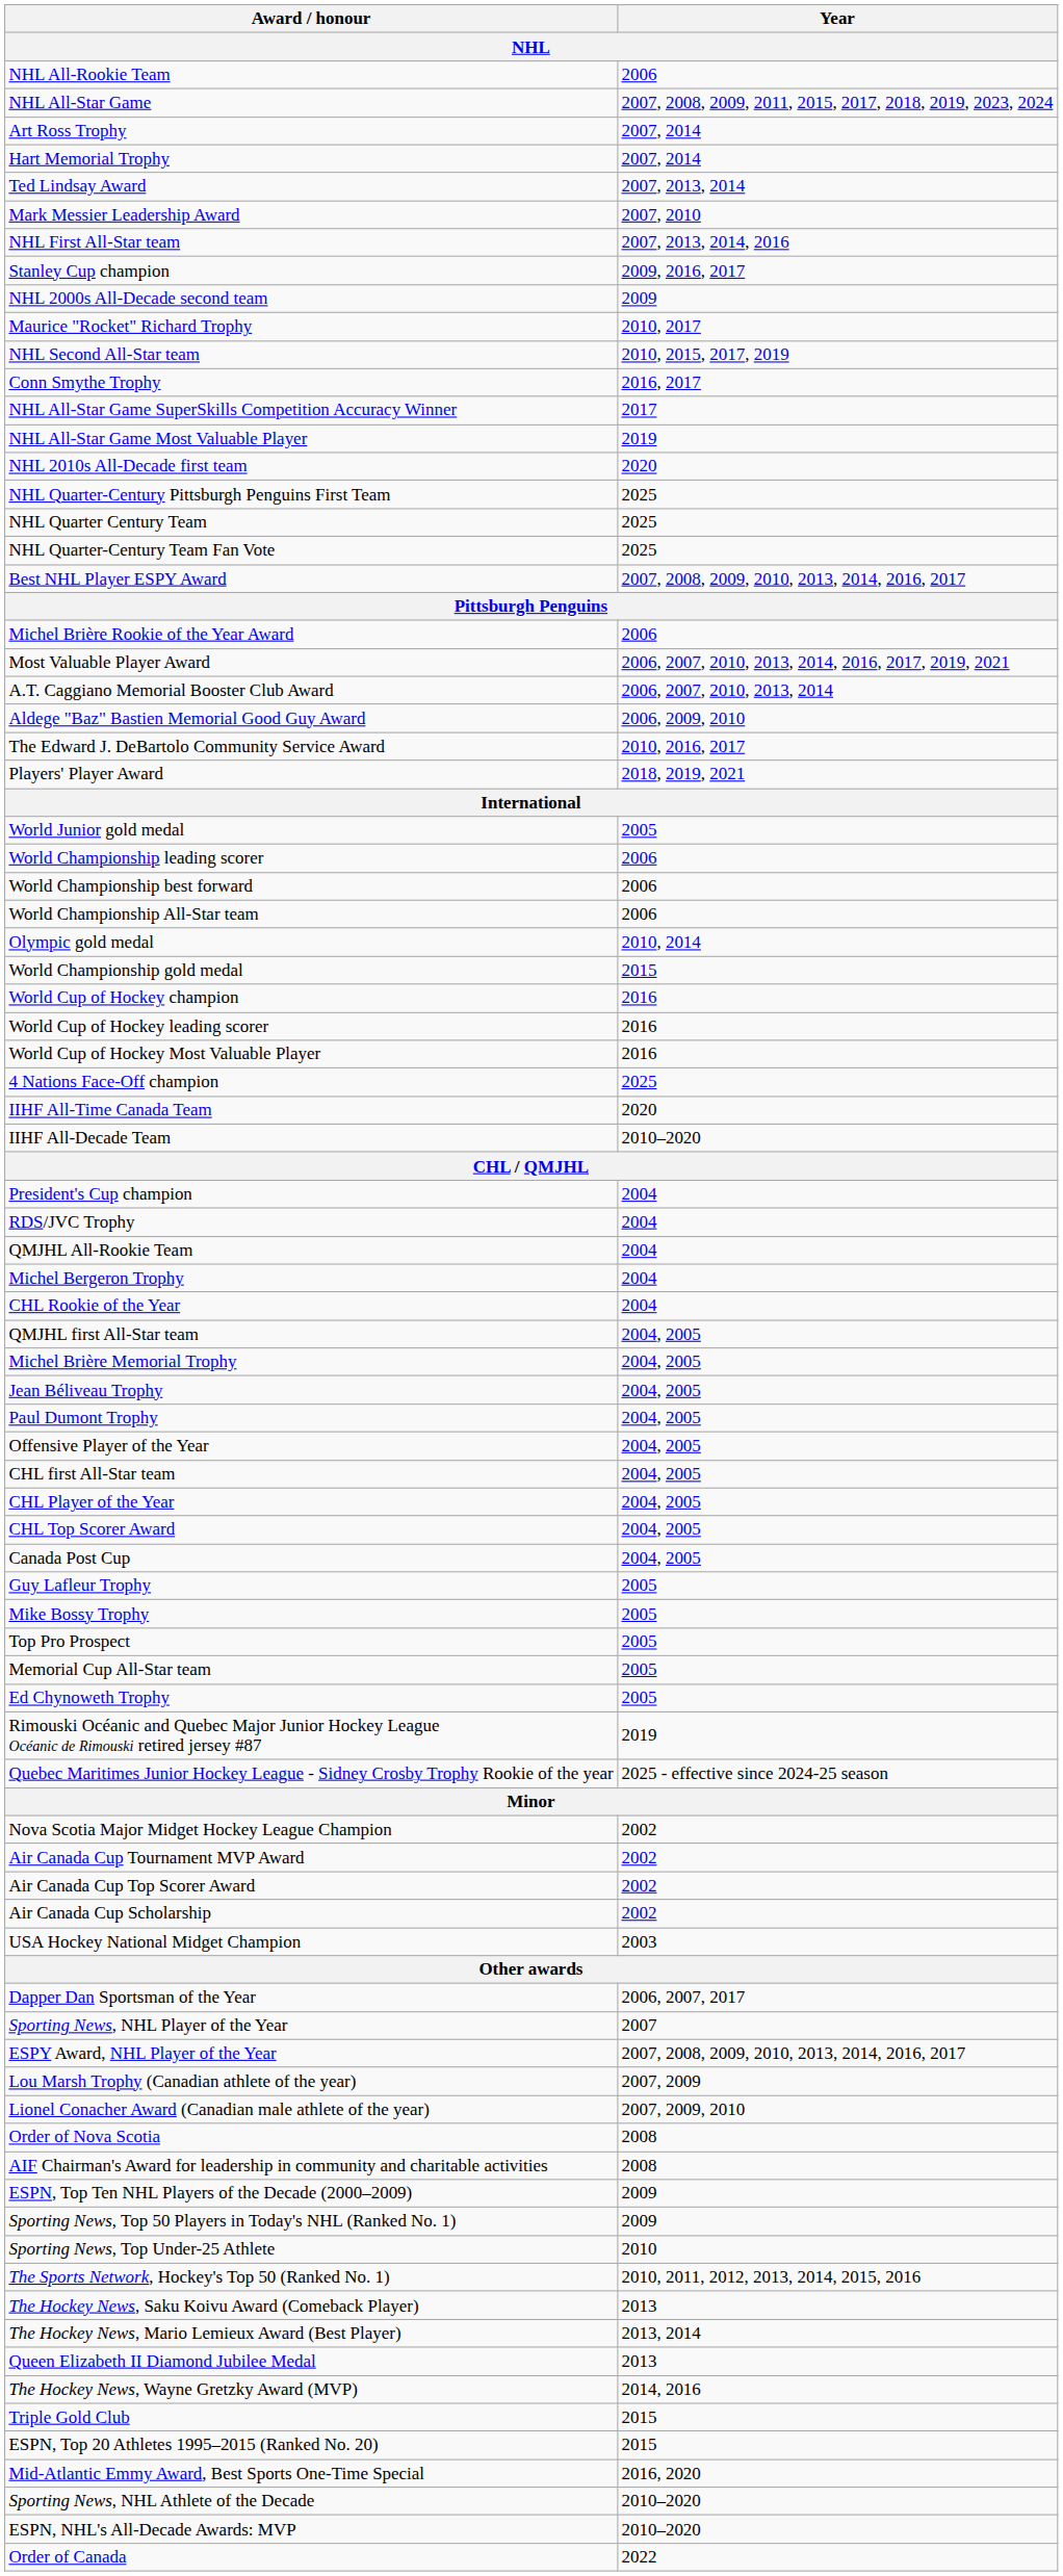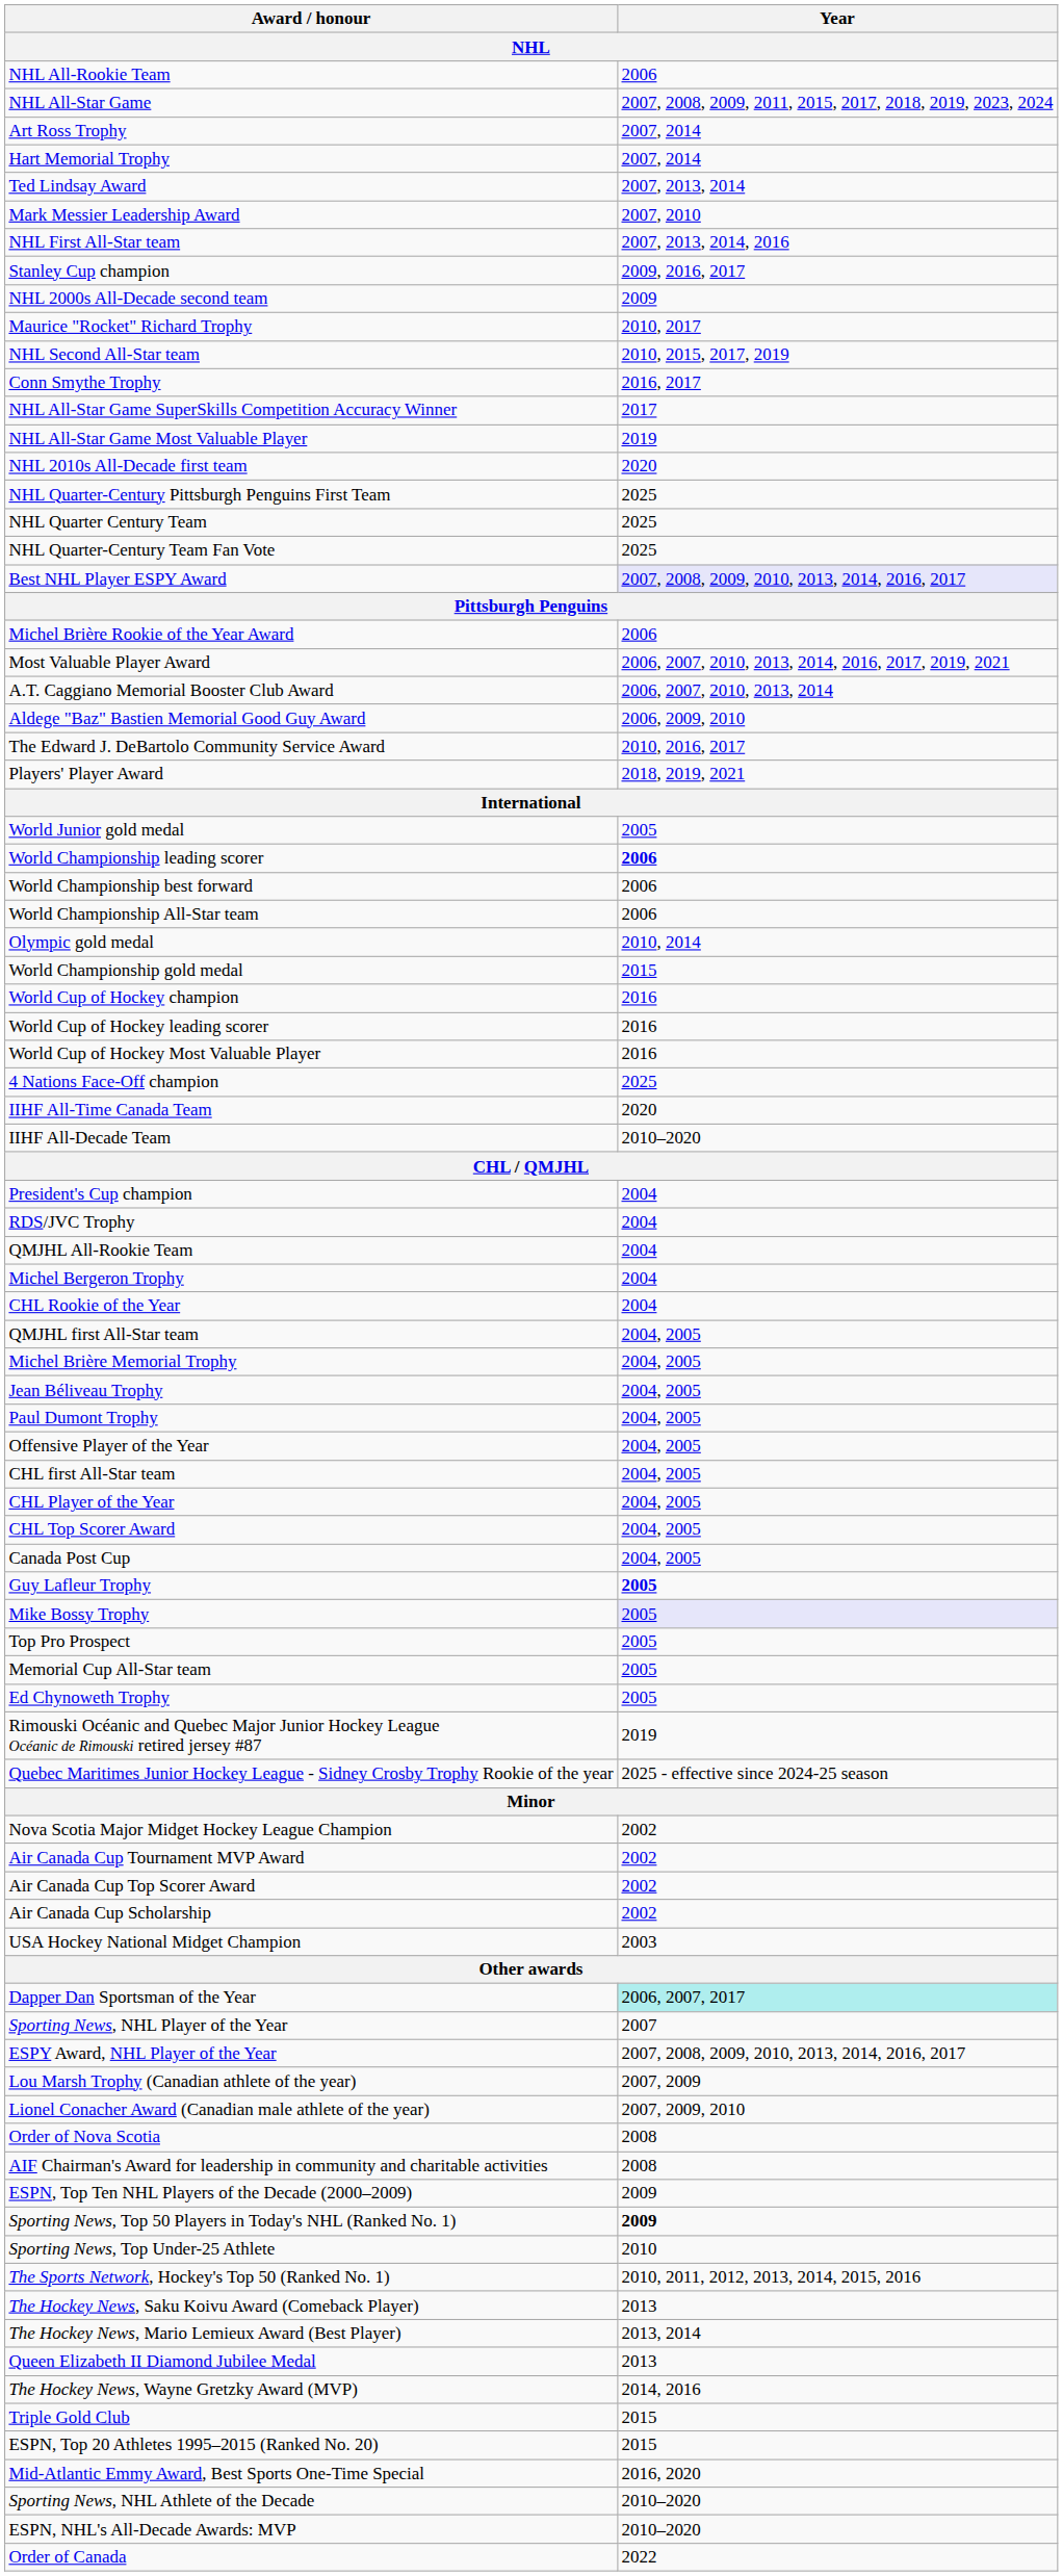 <table class="wikitable">
 <tr>
 <th>Award / honour</th>
 <th>Year</th>
 </tr>
 <tr>
 <th colspan="2"><a href='#'>NHL</a></th>
 </tr>
 <tr>
 <td><a href='#'>NHL All-Rookie Team</a></td>
 <td><a href='#'>2006</a></td>
 </tr>
 <tr>
 <td><a href='#'>NHL All-Star Game</a></td>
 <td><a href='#'>2007</a>, <a href='#'>2008</a>, <a href='#'>2009</a>, <a href='#'>2011</a>, <a href='#'>2015</a>, <a href='#'>2017</a>, <a href='#'>2018</a>, <a href='#'>2019</a>, <a href='#'>2023</a>, <a href='#'>2024</a></td>
 </tr>
 <tr>
 <td><a href='#'>Art Ross Trophy</a></td>
 <td><a href='#'>2007</a>, <a href='#'>2014</a></td>
 </tr>
 <tr>
 <td><a href='#'>Hart Memorial Trophy</a></td>
 <td><a href='#'>2007</a>, <a href='#'>2014</a></td>
 </tr>
 <tr>
 <td><a href='#'>Ted Lindsay Award</a></td>
 <td><a href='#'>2007</a>, <a href='#'>2013</a>, <a href='#'>2014</a></td>
 </tr>
 <tr>
 <td><a href='#'>Mark Messier Leadership Award</a></td>
 <td><a href='#'>2007</a>, <a href='#'>2010</a></td>
 </tr>
 <tr>
 <td><a href='#'>NHL First All-Star team</a></td>
 <td><a href='#'>2007</a>, <a href='#'>2013</a>, <a href='#'>2014</a>, <a href='#'>2016</a></td>
 </tr>
 <tr>
 <td><a href='#'>Stanley Cup</a> champion</td>
 <td><a href='#'>2009</a>, <a href='#'>2016</a>, <a href='#'>2017</a></td>
 </tr>
 <tr>
 <td><a href='#'>NHL 2000s All-Decade second team</a></td>
 <td><a href='#'>2009</a></td>
 </tr>
 <tr>
 <td><a href='#'>Maurice "Rocket" Richard Trophy</a></td>
 <td><a href='#'>2010</a>, <a href='#'>2017</a></td>
 </tr>
 <tr>
 <td><a href='#'>NHL Second All-Star team</a></td>
 <td><a href='#'>2010</a>, <a href='#'>2015</a>, <a href='#'>2017</a>, <a href='#'>2019</a></td>
 </tr>
 <tr>
 <td><a href='#'>Conn Smythe Trophy</a></td>
 <td><a href='#'>2016</a>, <a href='#'>2017</a></td>
 </tr>
 <tr>
 <td><a href='#'>NHL All-Star Game SuperSkills Competition Accuracy Winner</a></td>
 <td><a href='#'>2017</a></td>
 </tr>
 <tr>
 <td><a href='#'>NHL All-Star Game Most Valuable Player</a></td>
 <td><a href='#'>2019</a></td>
 </tr>
 <tr>
 <td><a href='#'>NHL 2010s All-Decade first team</a></td>
 <td><a href='#'>2020</a></td>
 </tr>
 <tr>
 <td><a href='#'>NHL Quarter-Century</a> Pittsburgh Penguins First Team</td>
 <td>2025</td>
 </tr>
 <tr>
 <td>NHL Quarter Century Team</td>
 <td>2025</td>
 </tr>
 <tr>
 <td>NHL Quarter-Century Team Fan Vote</td>
 <td>2025</td>
 </tr>
 <tr>
 <td><a href='#'>Best NHL Player ESPY Award</a></td>
-<td><a href='#'>2007</a>, <a href='#'>2008</a>, <a href='#'>2009</a>, <a href='#'>2010</a>, <a href='#'>2013</a>, <a href='#'>2014</a>, <a href='#'>2016</a>, <a href='#'>2017</a></td>
+<td style="background: lavender;"><a href='#'>2007</a>, <a href='#'>2008</a>, <a href='#'>2009</a>, <a href='#'>2010</a>, <a href='#'>2013</a>, <a href='#'>2014</a>, <a href='#'>2016</a>, <a href='#'>2017</a></td>
 </tr>
 <tr>
 <th colspan="2"><a href='#'>Pittsburgh Penguins</a></th>
 </tr>
 <tr>
 <td><a href='#'>Michel Brière Rookie of the Year Award</a></td>
 <td><a href='#'>2006</a></td>
 </tr>
 <tr>
 <td>Most Valuable Player Award</td>
 <td><a href='#'>2006</a>, <a href='#'>2007</a>, <a href='#'>2010</a>, <a href='#'>2013</a>, <a href='#'>2014</a>, <a href='#'>2016</a>, <a href='#'>2017</a>, <a href='#'>2019</a>, <a href='#'>2021</a></td>
 </tr>
 <tr>
 <td>A.T. Caggiano Memorial Booster Club Award</td>
 <td><a href='#'>2006</a>, <a href='#'>2007</a>, <a href='#'>2010</a>, <a href='#'>2013</a>, <a href='#'>2014</a></td>
 </tr>
 <tr>
 <td><a href='#'>Aldege "Baz" Bastien Memorial Good Guy Award</a></td>
 <td><a href='#'>2006</a>, <a href='#'>2009</a>, <a href='#'>2010</a></td>
 </tr>
 <tr>
 <td>The Edward J. DeBartolo Community Service Award</td>
 <td><a href='#'>2010</a>, <a href='#'>2016</a>, <a href='#'>2017</a></td>
 </tr>
 <tr>
 <td>Players' Player Award</td>
 <td><a href='#'>2018</a>, <a href='#'>2019</a>, <a href='#'>2021</a></td>
 </tr>
 <tr>
 <th colspan="2">International</th>
 </tr>
 <tr>
 <td><a href='#'>World Junior</a> gold medal</td>
 <td><a href='#'>2005</a></td>
 </tr>
 <tr>
 <td><a href='#'>World Championship</a> leading scorer</td>
-<td><a href='#'>2006</a></td>
+<td><strong><a href='#'>2006</a></strong></td>
 </tr>
 <tr>
 <td>World Championship best forward</td>
 <td>2006</td>
 </tr>
 <tr>
 <td>World Championship All-Star team</td>
 <td>2006</td>
 </tr>
 <tr>
 <td><a href='#'>Olympic</a> gold medal</td>
 <td><a href='#'>2010</a>, <a href='#'>2014</a></td>
 </tr>
 <tr>
 <td>World Championship gold medal</td>
 <td><a href='#'>2015</a></td>
 </tr>
 <tr>
 <td><a href='#'>World Cup of Hockey</a> champion</td>
 <td><a href='#'>2016</a></td>
 </tr>
 <tr>
 <td>World Cup of Hockey leading scorer</td>
 <td>2016</td>
 </tr>
 <tr>
 <td>World Cup of Hockey Most Valuable Player</td>
 <td>2016</td>
 </tr>
 <tr>
 <td><a href='#'>4 Nations Face-Off</a> champion</td>
 <td><a href='#'>2025</a></td>
 </tr>
 <tr>
 <td><a href='#'>IIHF All-Time Canada Team</a></td>
 <td>2020</td>
 </tr>
 <tr>
 <td>IIHF All-Decade Team</td>
 <td>2010–2020</td>
 </tr>
 <tr>
 <th colspan="2"><a href='#'>CHL</a> / <a href='#'>QMJHL</a></th>
 </tr>
 <tr>
 <td><a href='#'>President's Cup</a> champion</td>
 <td><a href='#'>2004</a></td>
 </tr>
 <tr>
 <td><a href='#'>RDS</a>/JVC Trophy</td>
 <td><a href='#'>2004</a></td>
 </tr>
 <tr>
 <td>QMJHL All-Rookie Team</td>
 <td><a href='#'>2004</a></td>
 </tr>
 <tr>
 <td><a href='#'>Michel Bergeron Trophy</a></td>
 <td><a href='#'>2004</a></td>
 </tr>
 <tr>
 <td><a href='#'>CHL Rookie of the Year</a></td>
 <td><a href='#'>2004</a></td>
 </tr>
 <tr>
 <td>QMJHL first All-Star team</td>
 <td><a href='#'>2004</a>, <a href='#'>2005</a></td>
 </tr>
 <tr>
 <td><a href='#'>Michel Brière Memorial Trophy</a></td>
 <td><a href='#'>2004</a>, <a href='#'>2005</a></td>
 </tr>
 <tr>
 <td><a href='#'>Jean Béliveau Trophy</a></td>
 <td><a href='#'>2004</a>, <a href='#'>2005</a></td>
 </tr>
 <tr>
 <td><a href='#'>Paul Dumont Trophy</a></td>
 <td><a href='#'>2004</a>, <a href='#'>2005</a></td>
 </tr>
 <tr>
 <td>Offensive Player of the Year</td>
 <td><a href='#'>2004</a>, <a href='#'>2005</a></td>
 </tr>
 <tr>
 <td>CHL first All-Star team</td>
 <td><a href='#'>2004</a>, <a href='#'>2005</a></td>
 </tr>
 <tr>
 <td><a href='#'>CHL Player of the Year</a></td>
 <td><a href='#'>2004</a>, <a href='#'>2005</a></td>
 </tr>
 <tr>
 <td><a href='#'>CHL Top Scorer Award</a></td>
 <td><a href='#'>2004</a>, <a href='#'>2005</a></td>
 </tr>
 <tr>
 <td>Canada Post Cup</td>
 <td><a href='#'>2004</a>, <a href='#'>2005</a></td>
 </tr>
 <tr>
 <td><a href='#'>Guy Lafleur Trophy</a></td>
-<td><a href='#'>2005</a></td>
+<td><strong><a href='#'>2005</a></strong></td>
 </tr>
 <tr>
 <td><a href='#'>Mike Bossy Trophy</a></td>
-<td><a href='#'>2005</a></td>
+<td style="background: lavender;"><a href='#'>2005</a></td>
 </tr>
 <tr>
 <td>Top Pro Prospect</td>
 <td><a href='#'>2005</a></td>
 </tr>
 <tr>
 <td>Memorial Cup All-Star team</td>
 <td><a href='#'>2005</a></td>
 </tr>
 <tr>
 <td><a href='#'>Ed Chynoweth Trophy</a></td>
 <td><a href='#'>2005</a></td>
 </tr>
 <tr>
 <td>Rimouski Océanic and Quebec Major Junior Hockey League<br><small><em>Océanic de Rimouski</em></small> retired jersey #87</td>
 <td>2019</td>
 </tr>
 <tr>
 <td><a href='#'>Quebec Maritimes Junior Hockey League</a> - <a href='#'>Sidney Crosby Trophy</a> Rookie of the year</td>
 <td>2025 - effective since 2024-25 season</td>
 </tr>
 <tr>
 <th colspan="2">Minor</th>
 </tr>
 <tr>
 <td>Nova Scotia Major Midget Hockey League Champion</td>
 <td>2002</td>
 </tr>
 <tr>
 <td><a href='#'>Air Canada Cup</a> Tournament MVP Award</td>
 <td><a href='#'>2002</a></td>
 </tr>
 <tr>
 <td>Air Canada Cup Top Scorer Award</td>
 <td><a href='#'>2002</a></td>
 </tr>
 <tr>
 <td>Air Canada Cup Scholarship</td>
 <td><a href='#'>2002</a></td>
 </tr>
 <tr>
 <td>USA Hockey National Midget Champion</td>
 <td>2003</td>
 </tr>
 <tr>
 <th colspan="2">Other awards</th>
 </tr>
 <tr>
 <td><a href='#'>Dapper Dan</a> Sportsman of the Year</td>
-<td>2006, 2007, 2017</td>
+<td style="background: paleturquoise;">2006, 2007, 2017</td>
 </tr>
 <tr>
 <td><em><a href='#'>Sporting News</a></em>, NHL Player of the Year</td>
 <td>2007</td>
 </tr>
 <tr>
 <td><a href='#'>ESPY</a> Award, <a href='#'>NHL Player of the Year</a></td>
 <td>2007, 2008, 2009, 2010, 2013, 2014, 2016, 2017</td>
 </tr>
 <tr>
 <td><a href='#'>Lou Marsh Trophy</a> (Canadian athlete of the year)</td>
 <td>2007, 2009</td>
 </tr>
 <tr>
 <td><a href='#'>Lionel Conacher Award</a> (Canadian male athlete of the year)</td>
 <td>2007, 2009, 2010</td>
 </tr>
 <tr>
 <td> <a href='#'>Order of Nova Scotia</a></td>
 <td>2008</td>
 </tr>
 <tr>
 <td><a href='#'>AIF</a> Chairman's Award for leadership in community and charitable activities</td>
 <td>2008</td>
 </tr>
 <tr>
 <td><a href='#'>ESPN</a>, Top Ten NHL Players of the Decade (2000–2009)</td>
 <td>2009</td>
 </tr>
 <tr>
 <td><em>Sporting News</em>, Top 50 Players in Today's NHL (Ranked No. 1)</td>
-<td>2009</td>
+<td><strong>2009</strong></td>
 </tr>
 <tr>
 <td><em>Sporting News</em>, Top Under-25 Athlete</td>
 <td>2010</td>
 </tr>
 <tr>
 <td><em><a href='#'>The Sports Network</a></em>, Hockey's Top 50 (Ranked No. 1)</td>
 <td>2010, 2011, 2012, 2013, 2014, 2015, 2016</td>
 </tr>
 <tr>
 <td><em><a href='#'>The Hockey News</a></em>, Saku Koivu Award (Comeback Player)</td>
 <td>2013</td>
 </tr>
 <tr>
 <td><em>The Hockey News</em>, Mario Lemieux Award (Best Player)</td>
 <td>2013, 2014</td>
 </tr>
 <tr>
 <td> <a href='#'>Queen Elizabeth II Diamond Jubilee Medal</a></td>
 <td>2013</td>
 </tr>
 <tr>
 <td><em>The Hockey News</em>, Wayne Gretzky Award (MVP)</td>
 <td>2014, 2016</td>
 </tr>
 <tr>
 <td><a href='#'>Triple Gold Club</a></td>
 <td>2015</td>
 </tr>
 <tr>
 <td>ESPN, Top 20 Athletes 1995–2015 (Ranked No. 20)</td>
 <td>2015</td>
 </tr>
 <tr>
 <td><a href='#'>Mid-Atlantic Emmy Award</a>, Best Sports One-Time Special</td>
 <td>2016, 2020</td>
 </tr>
 <tr>
 <td><em>Sporting News</em>, NHL Athlete of the Decade</td>
 <td>2010–2020</td>
 </tr>
 <tr>
 <td>ESPN, NHL's All-Decade Awards: MVP</td>
 <td>2010–2020</td>
 </tr>
 <tr>
 <td> <a href='#'>Order of Canada</a></td>
 <td>2022</td>
 </tr>
 </table>
